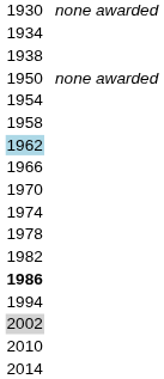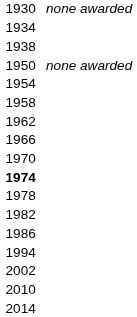 <table>
 <tr>
 <td>1930</td>
 <td></td>
 <td></td>
 <td><em>none awarded</em></td>
 </tr>
 <tr>
 <td>1934</td>
 <td></td>
 <td></td>
 <td></td>
 </tr>
 <tr>
 <td>1938</td>
 <td></td>
 <td></td>
 <td></td>
 </tr>
 <tr>
 <td>1950</td>
 <td></td>
 <td></td>
 <td colspan="2"><em>none awarded</em></td>
 </tr>
 <tr>
 <td>1954</td>
 <td></td>
 <td></td>
 <td></td>
 </tr>
 <tr>
 <td>1958</td>
 <td></td>
 <td></td>
 <td></td>
 </tr>
 <tr>
-<td style="background: lightblue;">1962</td>
+<td>1962</td>
 <td></td>
 <td></td>
 <td></td>
 </tr>
 <tr>
 <td>1966</td>
 <td></td>
 <td></td>
 <td></td>
 </tr>
 <tr>
 <td>1970</td>
 <td></td>
 <td></td>
 <td></td>
 </tr>
 <tr>
-<td>1974</td>
+<td><strong>1974</strong></td>
 <td></td>
 <td></td>
 <td></td>
 </tr>
 <tr>
 <td>1978</td>
 <td></td>
 <td></td>
 <td></td>
 </tr>
 <tr>
 <td>1982</td>
 <td></td>
 <td></td>
 <td></td>
 </tr>
 <tr>
-<td><strong>1986</strong></td>
+<td>1986</td>
 <td></td>
 <td></td>
 <td></td>
 </tr>
 <tr>
 <td>1994</td>
 <td></td>
 <td></td>
 <td></td>
 </tr>
 <tr>
-<td style="background: lightgrey;">2002</td>
+<td>2002</td>
 <td></td>
 <td></td>
 <td></td>
 </tr>
 <tr>
 <td>2010<br></td>
 <td></td>
 <td></td>
 <td></td>
 </tr>
 <tr>
 <td rowspan=2>2014<br></td>
 <td rowspan=2></td>
 <td rowspan=2></td>
 <td></td>
 </tr>
 <tr>
 <td></td>
 </tr>
 </table>
